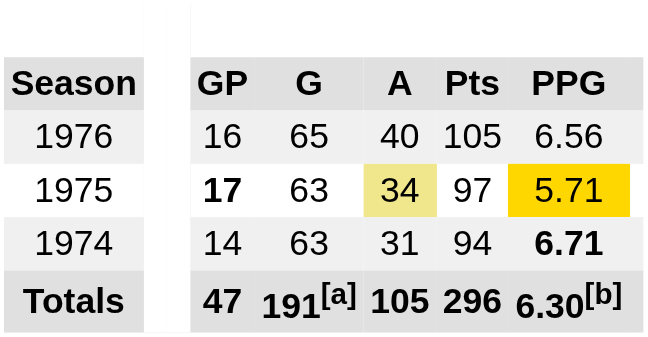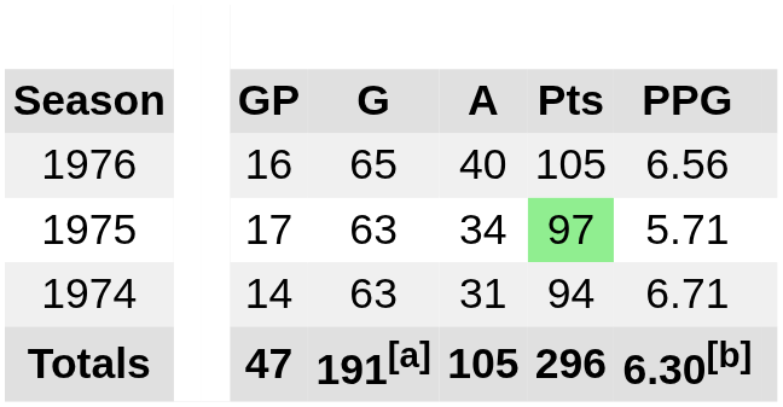 <table BORDER="0" CELLPADDING="3" CELLSPACING="0">
 <tr ALIGN="center" bgcolor="#e0e0e0">
 <th colspan="1" bgcolor="#ffffff"> </th>
 <th rowspan="99" bgcolor="#ffffff"> </th>
 <th rowspan="99" bgcolor="#ffffff"> </th>
 </tr>
 <tr ALIGN="center" bgcolor="#e0e0e0">
 <th>Season</th>
 <th>GP</th>
 <th>G</th>
 <th>A</th>
 <th>Pts</th>
 <th>PPG</th>
 <th></th>
 </tr>
 <tr ALIGN="center" bgcolor="#f0f0f0">
 <td>1976</td>
 <td>16</td>
 <td>65</td>
 <td>40</td>
 <td>105</td>
 <td>6.56</td>
 <td></td>
 </tr>
 <tr ALIGN="center">
 <td>1975</td>
-<td><strong>17</strong></td>
+<td>17</td>
 <td>63</td>
-<td style="background: khaki;">34</td>
-<td>97</td>
-<td style="background: gold;">5.71</td>
+<td>34</td>
+<td style="background: lightgreen;">97</td>
+<td>5.71</td>
 <td></td>
 </tr>
 <tr ALIGN="center" bgcolor="#f0f0f0">
 <td>1974</td>
 <td>14</td>
 <td>63</td>
 <td>31</td>
 <td>94</td>
-<td><strong>6.71</strong></td>
+<td>6.71</td>
 <td></td>
 </tr>
 <tr ALIGN="center" bgcolor="#e0e0e0">
 <th colspan="1.5">Totals</th>
 <th>47</th>
 <th>191<sup><strong>[a]</strong></sup></th>
 <th>105</th>
 <th>296</th>
 <th>6.30<sup><strong>[b]</strong></sup></th>
 <th></th>
 </tr>
 </table>
